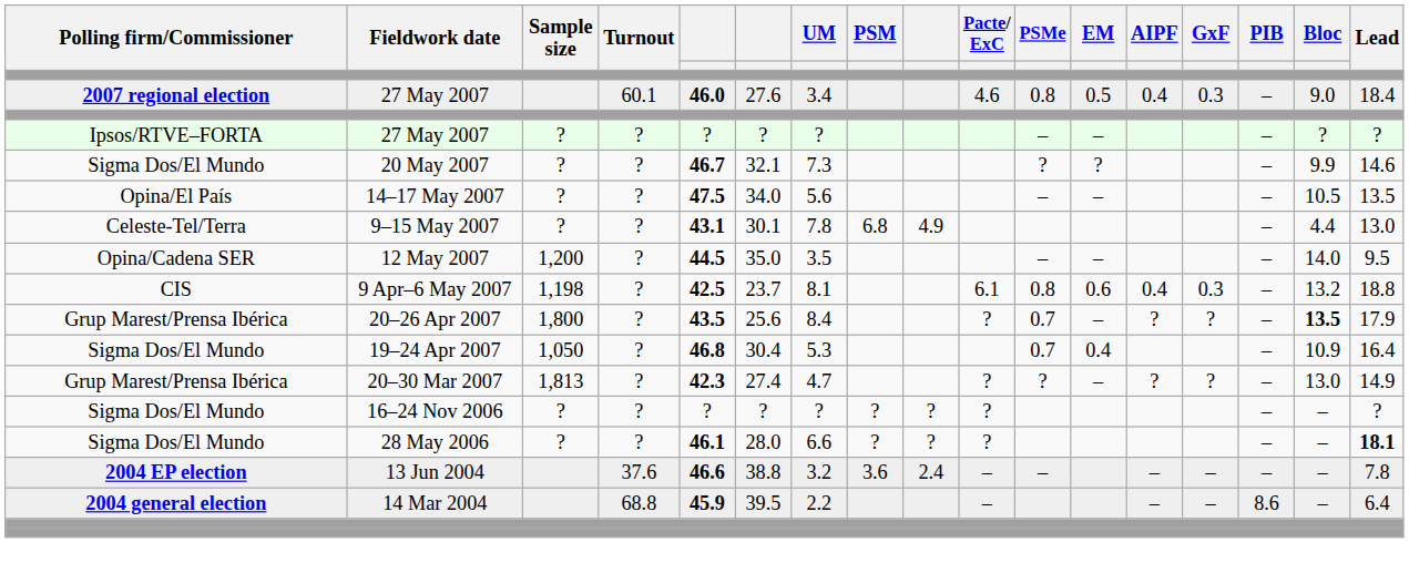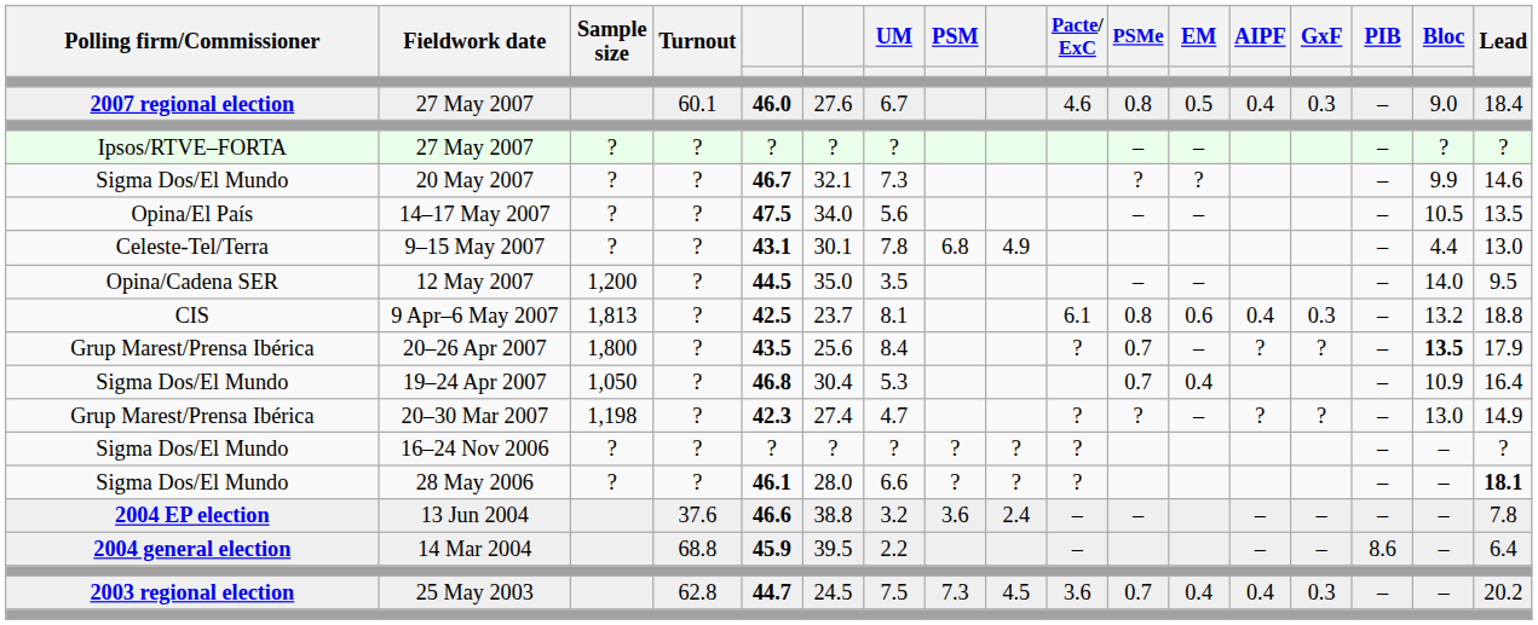 <table class="wikitable collapsible collapsed" style="text-align:center; font-size:95%; line-height:16px;">
 <tr style="height:42px;">
 <th style="width:250px;" rowspan="2">Polling firm/Commissioner</th>
 <th style="width:125px;" rowspan="2">Fieldwork date</th>
 <th style="width:50px;" rowspan="2">Sample size</th>
 <th style="width:45px;" rowspan="2">Turnout</th>
 <th style="width:35px;"></th>
 <th style="width:35px;"></th>
 <th style="width:35px;"><a href='#'>UM</a></th>
 <th style="width:35px;"><a href='#'>PSM</a></th>
 <th style="width:35px;"></th>
 <th style="width:35px; font-size:90%;"><a href='#'>Pacte</a>/<br><a href='#'>ExC</a></th>
 <th style="width:35px; font-size:90%;"><a href='#'>PSMe</a></th>
 <th style="width:35px;"><a href='#'>EM</a></th>
 <th style="width:35px;"><a href='#'>AIPF</a></th>
 <th style="width:35px;"><a href='#'>GxF</a></th>
 <th style="width:35px;"><a href='#'>PIB</a></th>
 <th style="width:35px;"><a href='#'>Bloc</a></th>
 <th style="width:30px;" rowspan="2">Lead</th>
 </tr>
 <tr>
 <th style="color:inherit;background:"></th>
 <th style="color:inherit;background:"></th>
 <th style="color:inherit;background:"></th>
 <th style="color:inherit;background:"></th>
 <th style="color:inherit;background:"></th>
 <th style="color:inherit;background:"></th>
 <th style="color:inherit;background:"></th>
 <th style="color:inherit;background:"></th>
 <th style="color:inherit;background:"></th>
 <th style="color:inherit;background:"></th>
 <th style="color:inherit;background:"></th>
 <th style="color:inherit;background:"></th>
 </tr>
 <tr>
 <td colspan="17" style="background:#A0A0A0"></td>
 </tr>
 <tr style="background:#EFEFEF;">
 <td><strong><a href='#'>2007 regional election</a></strong></td>
 <td>27 May 2007</td>
 <td></td>
 <td>60.1</td>
 <td><strong>46.0</strong><br></td>
 <td>27.6<br></td>
-<td>3.4<br></td>
+<td>6.7<br></td>
 <td></td>
 <td></td>
 <td>4.6<br></td>
 <td>0.8<br></td>
 <td>0.5<br></td>
 <td>0.4<br></td>
 <td>0.3<br></td>
 <td>–</td>
 <td>9.0<br></td>
 <td style="background:">18.4</td>
 </tr>
 <tr>
 <td colspan="17" style="background:#A0A0A0"></td>
 </tr>
 <tr style="background:#EAFFEA;">
 <td>Ipsos/RTVE–FORTA</td>
 <td>27 May 2007</td>
 <td>?</td>
 <td>?</td>
 <td>?<br></td>
 <td>?<br></td>
 <td>?<br></td>
 <td></td>
 <td></td>
 <td></td>
 <td>–</td>
 <td>–</td>
 <td></td>
 <td></td>
 <td>–</td>
 <td>?<br></td>
 <td style="background:">?</td>
 </tr>
 <tr>
 <td>Sigma Dos/El Mundo</td>
 <td>20 May 2007</td>
 <td>?</td>
 <td>?</td>
 <td><strong>46.7</strong><br></td>
 <td>32.1<br></td>
 <td>7.3<br></td>
 <td></td>
 <td></td>
 <td></td>
 <td>?<br></td>
 <td>?<br></td>
 <td></td>
 <td></td>
 <td>–</td>
 <td>9.9<br></td>
 <td style="background:">14.6</td>
 </tr>
 <tr>
 <td>Opina/El País</td>
 <td>14–17 May 2007</td>
 <td>?</td>
 <td>?</td>
 <td><strong>47.5</strong><br></td>
 <td>34.0<br></td>
 <td>5.6<br></td>
 <td></td>
 <td></td>
 <td></td>
 <td>–</td>
 <td>–</td>
 <td></td>
 <td></td>
 <td>–</td>
 <td>10.5<br></td>
 <td style="background:">13.5</td>
 </tr>
 <tr>
 <td>Celeste-Tel/Terra</td>
 <td>9–15 May 2007</td>
 <td>?</td>
 <td>?</td>
 <td><strong>43.1</strong><br></td>
 <td>30.1<br></td>
 <td>7.8<br></td>
 <td>6.8<br></td>
 <td>4.9<br></td>
 <td></td>
 <td></td>
 <td></td>
 <td></td>
 <td></td>
 <td>–</td>
 <td>4.4<br></td>
 <td style="background:">13.0</td>
 </tr>
 <tr>
 <td>Opina/Cadena SER</td>
 <td>12 May 2007</td>
 <td>1,200</td>
 <td>?</td>
 <td><strong>44.5</strong><br></td>
 <td>35.0<br></td>
 <td>3.5<br></td>
 <td></td>
 <td></td>
 <td></td>
 <td>–</td>
 <td>–</td>
 <td></td>
 <td></td>
 <td>–</td>
 <td>14.0<br></td>
 <td style="background:">9.5</td>
 </tr>
 <tr>
 <td>CIS</td>
 <td>9 Apr–6 May 2007</td>
-<td>1,198</td>
+<td>1,813</td>
 <td>?</td>
 <td><strong>42.5</strong><br></td>
 <td>23.7<br></td>
 <td>8.1<br></td>
 <td></td>
 <td></td>
 <td>6.1<br></td>
 <td>0.8<br></td>
 <td>0.6<br></td>
 <td>0.4<br></td>
 <td>0.3<br></td>
 <td>–</td>
 <td>13.2<br></td>
 <td style="background:">18.8</td>
 </tr>
 <tr>
 <td>Grup Marest/Prensa Ibérica</td>
 <td>20–26 Apr 2007</td>
 <td>1,800</td>
 <td>?</td>
 <td><strong>43.5</strong><br></td>
 <td>25.6<br></td>
 <td>8.4<br></td>
 <td></td>
 <td></td>
 <td>?<br></td>
 <td>0.7<br></td>
 <td>–</td>
 <td>?<br></td>
 <td>?<br></td>
 <td>–</td>
 <td><strong>13.5<br></strong></td>
 <td style="background:">17.9</td>
 </tr>
 <tr>
 <td>Sigma Dos/El Mundo</td>
 <td>19–24 Apr 2007</td>
 <td>1,050</td>
 <td>?</td>
 <td><strong>46.8</strong><br></td>
 <td>30.4<br></td>
 <td>5.3<br></td>
 <td></td>
 <td></td>
 <td></td>
 <td>0.7<br></td>
 <td>0.4<br></td>
 <td></td>
 <td></td>
 <td>–</td>
 <td>10.9<br></td>
 <td style="background:">16.4</td>
 </tr>
 <tr>
 <td>Grup Marest/Prensa Ibérica</td>
 <td>20–30 Mar 2007</td>
-<td>1,813</td>
+<td>1,198</td>
 <td>?</td>
 <td><strong>42.3</strong><br></td>
 <td>27.4<br></td>
 <td>4.7<br></td>
 <td></td>
 <td></td>
 <td>?<br></td>
 <td>?<br></td>
 <td>–</td>
 <td>?<br></td>
 <td>?<br></td>
 <td>–</td>
 <td>13.0<br></td>
 <td style="background:">14.9</td>
 </tr>
 <tr>
 <td>Sigma Dos/El Mundo</td>
 <td>16–24 Nov 2006</td>
 <td>?</td>
 <td>?</td>
 <td>?<br></td>
 <td>?<br></td>
 <td>?<br></td>
 <td>?<br></td>
 <td>?<br></td>
 <td>?<br></td>
 <td></td>
 <td></td>
 <td></td>
 <td></td>
 <td>–</td>
 <td>–</td>
 <td style="background:">?</td>
 </tr>
 <tr>
 <td>Sigma Dos/El Mundo</td>
 <td>28 May 2006</td>
 <td>?</td>
 <td>?</td>
 <td><strong>46.1</strong><br></td>
 <td>28.0<br></td>
 <td>6.6<br></td>
 <td>?<br></td>
 <td>?<br></td>
 <td>?<br></td>
 <td></td>
 <td></td>
 <td></td>
 <td></td>
 <td>–</td>
 <td>–</td>
 <td style="background:"><strong>18.1</strong></td>
 </tr>
 <tr style="background:#EFEFEF;">
 <td><strong><a href='#'>2004 EP election</a></strong></td>
 <td>13 Jun 2004</td>
 <td></td>
 <td>37.6</td>
 <td><strong>46.6</strong></td>
 <td>38.8</td>
 <td>3.2</td>
 <td>3.6</td>
 <td>2.4</td>
 <td>–</td>
 <td>–</td>
 <td></td>
 <td>–</td>
 <td>–</td>
 <td>–</td>
 <td>–</td>
 <td style="background:">7.8</td>
 </tr>
 <tr style="background:#EFEFEF;">
 <td><strong><a href='#'>2004 general election</a></strong></td>
 <td>14 Mar 2004</td>
 <td></td>
 <td>68.8</td>
 <td><strong>45.9</strong></td>
 <td>39.5</td>
 <td>2.2</td>
 <td></td>
 <td></td>
 <td>–</td>
 <td></td>
 <td></td>
 <td>–</td>
 <td>–</td>
 <td>8.6</td>
 <td>–</td>
 <td style="background:">6.4</td>
 </tr>
 <tr>
 <td colspan="17" style="background:#A0A0A0"></td>
 </tr>
+<tr style="background:#EFEFEF;">
+<td><strong><a href='#'>2003 regional election</a></strong></td>
+<td>25 May 2003</td>
+<td></td>
+<td>62.8</td>
+<td><strong>44.7</strong><br></td>
+<td>24.5<br></td>
+<td>7.5<br></td>
+<td>7.3<br></td>
+<td>4.5<br></td>
+<td>3.6<br></td>
+<td>0.7<br></td>
+<td>0.4<br></td>
+<td>0.4<br></td>
+<td>0.3<br></td>
+<td>–</td>
+<td>–</td>
+<td style="background:">20.2</td>
+</tr>
 <tr>
 <td colspan="17" style="background:#A0A0A0"></td>
 </tr>
 </table>
